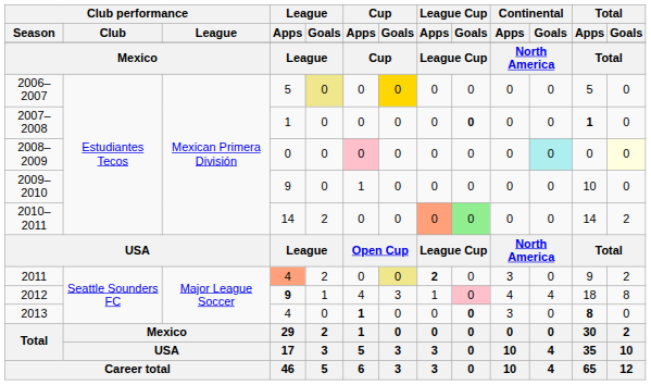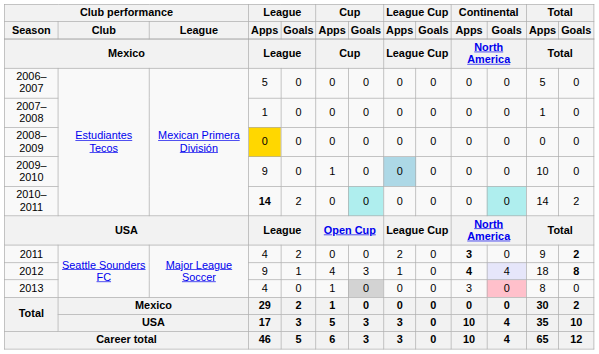 <table class="wikitable" style="text-align:center">
 <tr>
 <th colspan=3>Club performance</th>
 <th colspan=2>League</th>
 <th colspan=2>Cup</th>
 <th colspan=2>League Cup</th>
 <th colspan=2>Continental</th>
 <th colspan=2>Total</th>
 </tr>
 <tr>
 <th>Season</th>
 <th>Club</th>
 <th>League</th>
 <th>Apps</th>
 <th>Goals</th>
 <th>Apps</th>
 <th>Goals</th>
 <th>Apps</th>
 <th>Goals</th>
 <th>Apps</th>
 <th>Goals</th>
 <th>Apps</th>
 <th>Goals</th>
 </tr>
 <tr>
 </tr>
 <tr>
 <th colspan=3>Mexico</th>
 <th colspan=2>League</th>
 <th colspan=2>Cup</th>
 <th colspan=2>League Cup</th>
 <th colspan=2><a href='#'>North America</a></th>
 <th colspan=2>Total</th>
 </tr>
 <tr>
 <td>2006–2007</td>
 <td rowspan="5"><a href='#'>Estudiantes Tecos</a></td>
 <td rowspan="5"><a href='#'>Mexican Primera División</a></td>
 <td>5</td>
-<td style="background: khaki;">0</td>
 <td>0</td>
-<td style="background: gold;">0</td>
+<td>0</td>
+<td>0</td>
 <td>0</td>
 <td>0</td>
 <td>0</td>
 <td>0</td>
 <td>5</td>
 <td>0</td>
 </tr>
 <tr>
 <td>2007–2008</td>
 <td>1</td>
 <td>0</td>
 <td>0</td>
 <td>0</td>
 <td>0</td>
-<td><strong>0</strong></td>
 <td>0</td>
 <td>0</td>
-<td><strong>1</strong></td>
+<td>0</td>
+<td>1</td>
 <td>0</td>
 </tr>
 <tr>
 <td>2008–2009</td>
-<td>0</td>
-<td>0</td>
-<td style="background: pink;">0</td>
+<td style="background: gold;">0</td>
 <td>0</td>
 <td>0</td>
 <td>0</td>
 <td>0</td>
-<td style="background: paleturquoise;">0</td>
 <td>0</td>
-<td style="background: lightyellow;">0</td>
+<td>0</td>
+<td>0</td>
+<td>0</td>
+<td>0</td>
 </tr>
 <tr>
 <td>2009–2010</td>
 <td>9</td>
 <td>0</td>
 <td>1</td>
 <td>0</td>
-<td>0</td>
+<td style="background: lightblue;">0</td>
 <td>0</td>
 <td>0</td>
 <td>0</td>
 <td>10</td>
 <td>0</td>
 </tr>
 <tr>
 <td>2010–2011</td>
-<td>14</td>
+<td><strong>14</strong></td>
 <td>2</td>
 <td>0</td>
-<td>0</td>
-<td style="background: lightsalmon;">0</td>
-<td style="background: lightgreen;">0</td>
+<td style="background: paleturquoise;">0</td>
 <td>0</td>
 <td>0</td>
+<td>0</td>
+<td style="background: paleturquoise;">0</td>
 <td>14</td>
 <td>2</td>
 </tr>
 <tr>
 <th colspan=3>USA</th>
 <th colspan=2>League</th>
 <th colspan=2><a href='#'>Open Cup</a></th>
 <th colspan=2>League Cup</th>
 <th colspan=2><a href='#'>North America</a></th>
 <th colspan=2>Total</th>
 </tr>
 <tr>
 <td>2011</td>
 <td rowspan="3"><a href='#'>Seattle Sounders FC</a></td>
 <td rowspan="3"><a href='#'>Major League Soccer</a></td>
-<td style="background: lightsalmon;">4</td>
+<td>4</td>
 <td>2</td>
 <td>0</td>
-<td style="background: khaki;">0</td>
-<td><strong>2</strong></td>
 <td>0</td>
-<td>3</td>
+<td>2</td>
+<td>0</td>
+<td><strong>3</strong></td>
 <td>0</td>
 <td>9</td>
-<td>2</td>
+<td><strong>2</strong></td>
 </tr>
 <tr>
 <td>2012</td>
-<td><strong>9</strong></td>
+<td>9</td>
 <td>1</td>
 <td>4</td>
 <td>3</td>
 <td>1</td>
-<td style="background: pink;">0</td>
-<td>4</td>
-<td>4</td>
+<td>0</td>
+<td><strong>4</strong></td>
+<td style="background: lavender;">4</td>
 <td>18</td>
-<td>8</td>
+<td><strong>8</strong></td>
 </tr>
 <tr>
 <td>2013</td>
 <td>4</td>
 <td>0</td>
-<td><strong>1</strong></td>
+<td>1</td>
+<td style="background: lightgrey;">0</td>
 <td>0</td>
 <td>0</td>
-<td><strong>0</strong></td>
 <td>3</td>
-<td>0</td>
-<td><strong>8</strong></td>
+<td style="background: pink;">0</td>
+<td>8</td>
 <td>0</td>
 </tr>
 <tr>
 <th rowspan=2>Total</th>
 <th colspan=2>Mexico</th>
 <th>29</th>
 <th>2</th>
 <th>1</th>
 <th>0</th>
 <th>0</th>
 <th>0</th>
 <th>0</th>
 <th>0</th>
 <th>30</th>
 <th>2</th>
 </tr>
 <tr>
 <th colspan=2>USA</th>
 <th>17</th>
 <th>3</th>
 <th>5</th>
 <th>3</th>
 <th>3</th>
 <th>0</th>
 <th>10</th>
 <th>4</th>
 <th>35</th>
 <th>10</th>
 </tr>
 <tr>
 <th colspan=3>Career total</th>
 <th>46</th>
 <th>5</th>
 <th>6</th>
 <th>3</th>
 <th>3</th>
 <th>0</th>
 <th>10</th>
 <th>4</th>
 <th>65</th>
 <th>12</th>
 </tr>
 </table>
